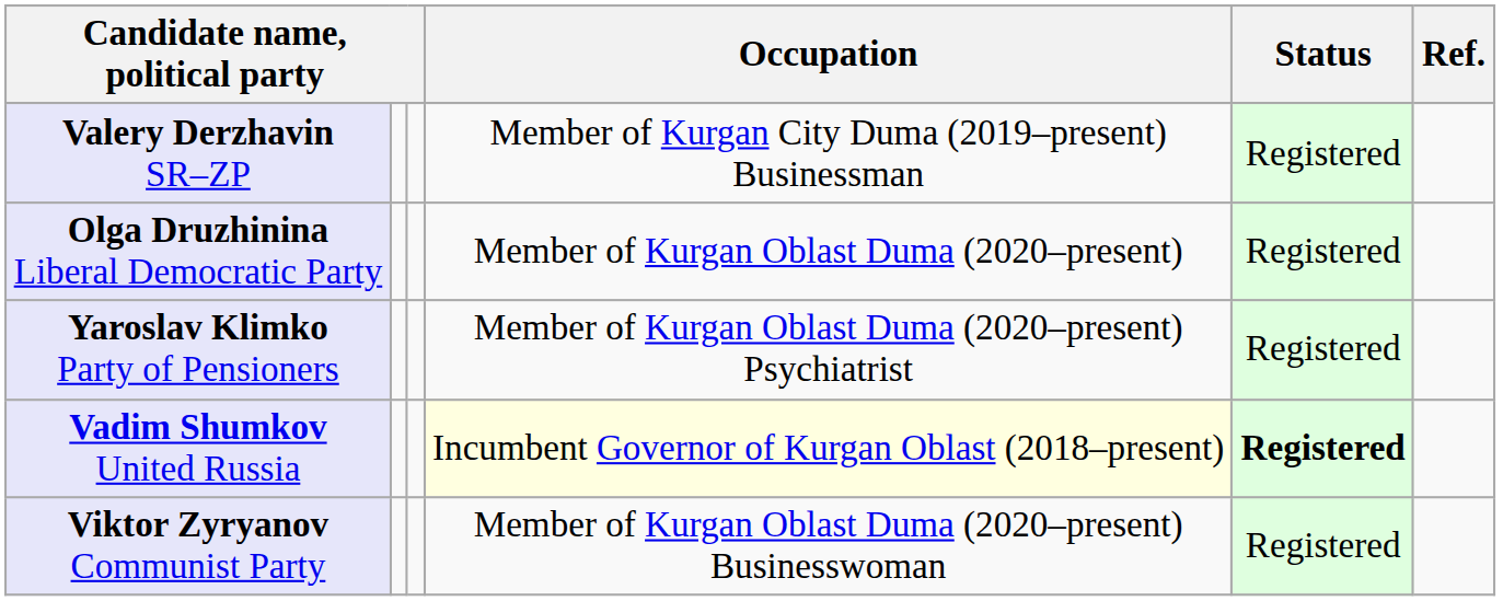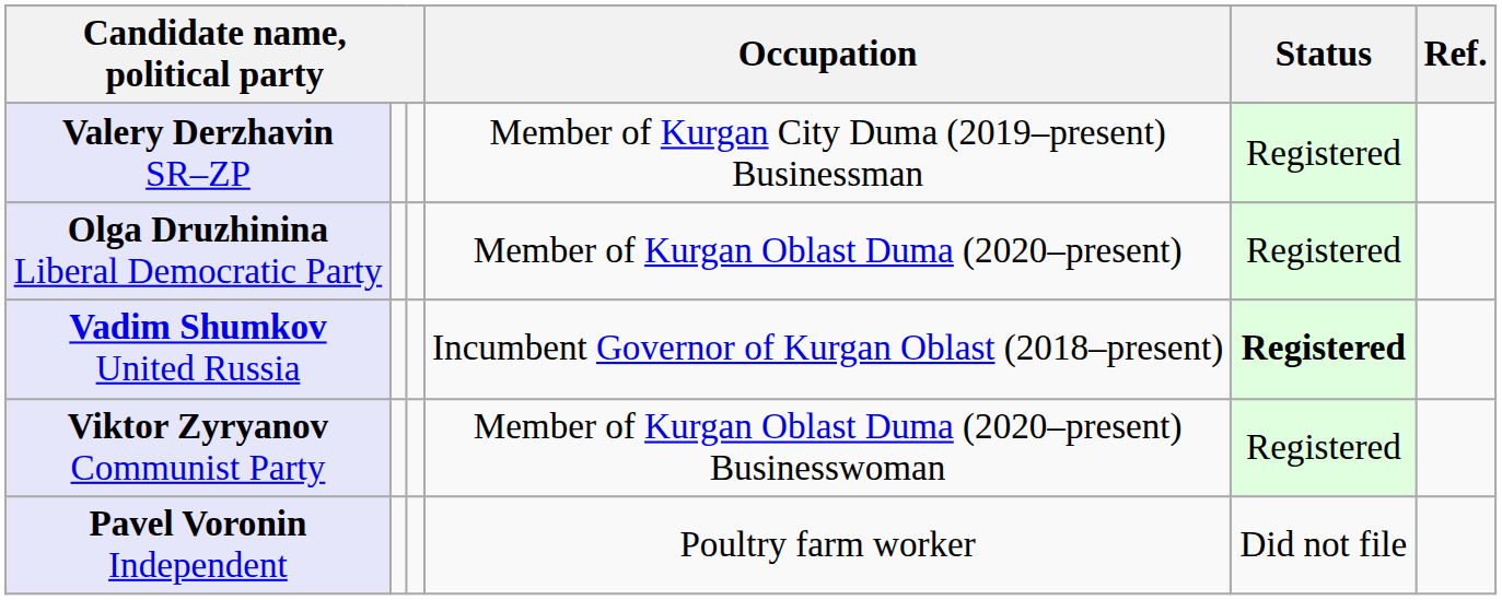 <table class="wikitable" style="text-align:center;">
 <tr>
 <th colspan="3">Candidate name,<br>political party</th>
 <th>Occupation</th>
 <th>Status</th>
 <th>Ref.</th>
 </tr>
 <tr>
 <td style="background:lavender;"><strong>Valery Derzhavin</strong><br><a href='#'>SR–ZP</a></td>
 <td style="background-color:"></td>
 <td></td>
 <td>Member of <a href='#'>Kurgan</a> City Duma (2019–present)<br>Businessman</td>
 <td bgcolor="#DFFFDF">Registered</td>
 <td></td>
 </tr>
 <tr>
 <td style="background:lavender;"><strong>Olga Druzhinina</strong><br><a href='#'>Liberal Democratic Party</a></td>
 <td style="background-color:"></td>
 <td></td>
 <td>Member of <a href='#'>Kurgan Oblast Duma</a> (2020–present)</td>
 <td bgcolor="#DFFFDF">Registered</td>
 <td></td>
 </tr>
 <tr>
-<td style="background:lavender;"><strong>Yaroslav Klimko</strong><br><a href='#'>Party of Pensioners</a></td>
-<td style="background-color:"></td>
-<td></td>
-<td>Member of <a href='#'>Kurgan Oblast Duma</a> (2020–present)<br>Psychiatrist</td>
-<td bgcolor="#DFFFDF">Registered</td>
-<td></td>
-</tr>
-<tr>
 <td style="background:lavender;"><strong><a href='#'>Vadim Shumkov</a></strong><br><a href='#'>United Russia</a></td>
 <td style="background-color:"></td>
 <td></td>
-<td style="background: lightyellow;">Incumbent <a href='#'>Governor of Kurgan Oblast</a> (2018–present)</td>
+<td>Incumbent <a href='#'>Governor of Kurgan Oblast</a> (2018–present)</td>
 <td bgcolor="#DFFFDF"><strong>Registered</strong></td>
 <td></td>
 </tr>
 <tr>
 <td style="background:lavender;"><strong>Viktor Zyryanov</strong><br><a href='#'>Communist Party</a></td>
 <td style="background-color:"></td>
 <td></td>
 <td>Member of <a href='#'>Kurgan Oblast Duma</a> (2020–present)<br>Businesswoman</td>
 <td bgcolor="#DFFFDF">Registered</td>
 <td><br></td>
 </tr>
+<tr>
+<td style="background:lavender;"><strong>Pavel Voronin</strong><br><a href='#'>Independent</a></td>
+<td style="background-color:"></td>
+<td></td>
+<td>Poultry farm worker</td>
+<td>Did not file</td>
+<td></td>
+</tr>
 </table>
